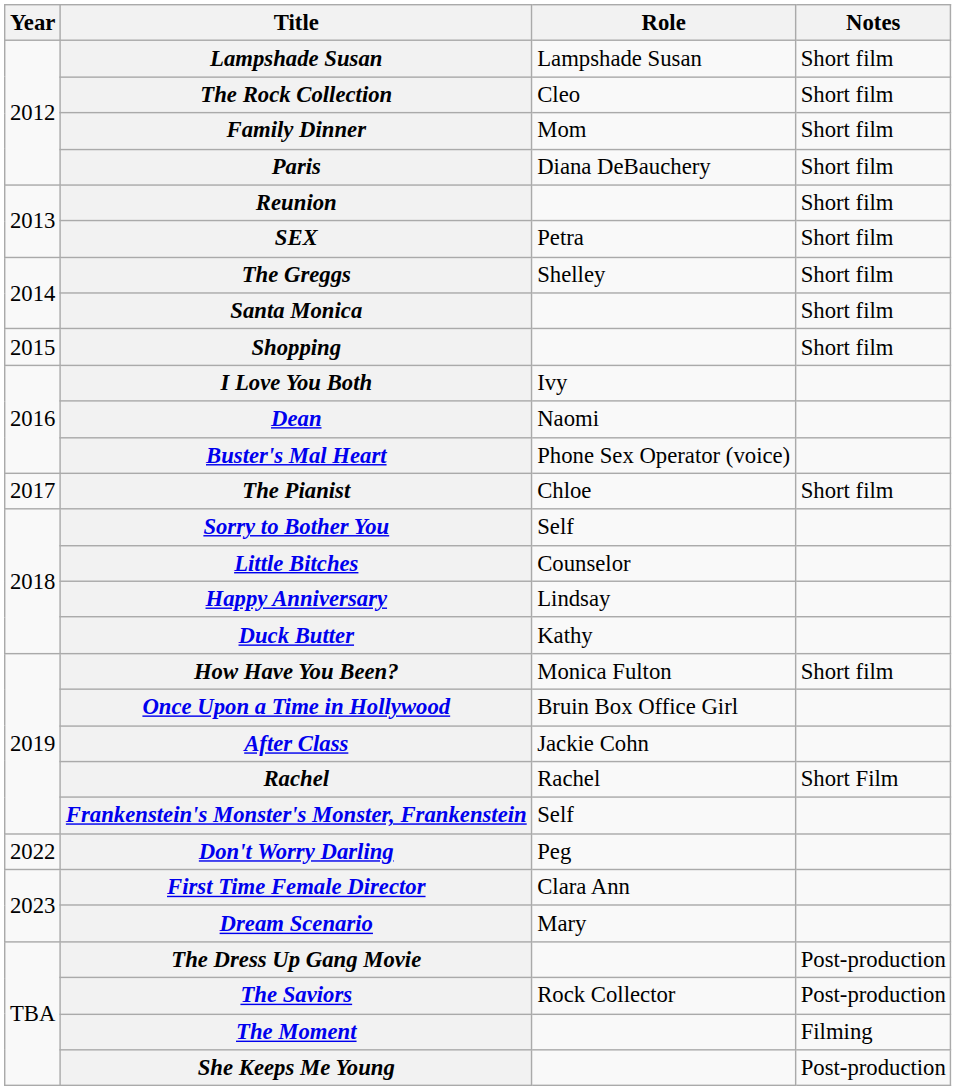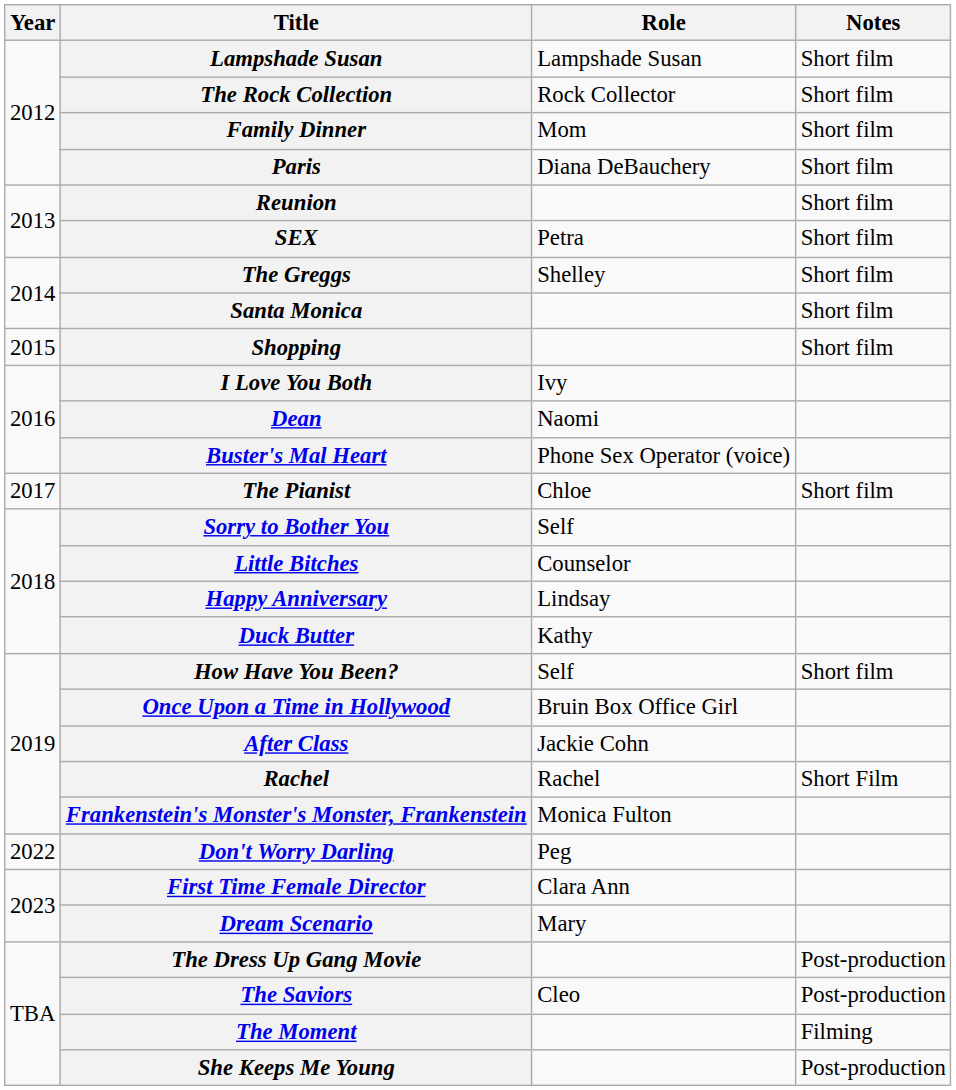 <table class="wikitable sortable plainrowheaders">
 <tr>
 <th scope="col">Year</th>
 <th scope="col">Title</th>
 <th scope="col">Role</th>
 <th scope="col" class="unsortable">Notes</th>
 </tr>
 <tr>
 <td rowspan="4">2012</td>
 <th scope="row"><em>Lampshade Susan</em></th>
 <td>Lampshade Susan</td>
 <td>Short film</td>
 </tr>
 <tr>
 <th scope="row"><em>The Rock Collection</em></th>
-<td>Cleo</td>
+<td>Rock Collector</td>
 <td>Short film</td>
 </tr>
 <tr>
 <th scope="row"><em>Family Dinner</em></th>
 <td>Mom</td>
 <td>Short film</td>
 </tr>
 <tr>
 <th scope="row"><em>Paris</em></th>
 <td>Diana DeBauchery</td>
 <td>Short film</td>
 </tr>
 <tr>
 <td rowspan="2">2013</td>
 <th scope="row"><em>Reunion</em></th>
 <td></td>
 <td>Short film</td>
 </tr>
 <tr>
 <th scope="row"><em>SEX</em></th>
 <td>Petra</td>
 <td>Short film</td>
 </tr>
 <tr>
 <td rowspan="2">2014</td>
 <th scope="row"><em>The Greggs</em></th>
 <td>Shelley</td>
 <td>Short film</td>
 </tr>
 <tr>
 <th scope="row"><em>Santa Monica</em></th>
 <td></td>
 <td>Short film</td>
 </tr>
 <tr>
 <td>2015</td>
 <th scope="row"><em>Shopping</em></th>
 <td></td>
 <td>Short film</td>
 </tr>
 <tr>
 <td rowspan="3">2016</td>
 <th scope="row"><em>I Love You Both</em></th>
 <td>Ivy</td>
 <td></td>
 </tr>
 <tr>
 <th scope="row"><em><a href='#'>Dean</a></em></th>
 <td>Naomi</td>
 <td></td>
 </tr>
 <tr>
 <th scope="row"><em><a href='#'>Buster's Mal Heart</a></em></th>
 <td>Phone Sex Operator (voice)</td>
 <td></td>
 </tr>
 <tr>
 <td>2017</td>
 <th scope="row"><em>The Pianist</em></th>
 <td>Chloe</td>
 <td>Short film</td>
 </tr>
 <tr>
 <td rowspan="4">2018</td>
 <th scope="row"><em><a href='#'>Sorry to Bother You</a></em></th>
 <td>Self</td>
 <td></td>
 </tr>
 <tr>
 <th scope="row"><em><a href='#'>Little Bitches</a></em></th>
 <td>Counselor</td>
 <td></td>
 </tr>
 <tr>
 <th scope="row"><em><a href='#'>Happy Anniversary</a></em></th>
 <td>Lindsay</td>
 <td></td>
 </tr>
 <tr>
 <th scope="row"><em><a href='#'>Duck Butter</a></em></th>
 <td>Kathy</td>
 <td></td>
 </tr>
 <tr>
 <td rowspan="5">2019</td>
 <th scope="row"><em>How Have You Been?</em></th>
-<td>Monica Fulton</td>
+<td>Self</td>
 <td>Short film</td>
 </tr>
 <tr>
 <th scope="row"><em><a href='#'>Once Upon a Time in Hollywood</a></em></th>
 <td>Bruin Box Office Girl</td>
 <td></td>
 </tr>
 <tr>
 <th scope="row"><em><a href='#'>After Class</a></em></th>
 <td>Jackie Cohn</td>
 <td></td>
 </tr>
 <tr>
 <th scope="row"><em>Rachel</em></th>
 <td>Rachel</td>
 <td>Short Film</td>
 </tr>
 <tr>
 <th scope="row"><em><a href='#'>Frankenstein's Monster's Monster, Frankenstein</a></em></th>
-<td>Self</td>
+<td>Monica Fulton</td>
 <td></td>
 </tr>
 <tr>
 <td>2022</td>
 <th scope="row"><em><a href='#'>Don't Worry Darling</a></em></th>
 <td>Peg</td>
 <td></td>
 </tr>
 <tr>
 <td rowspan="2">2023</td>
 <th scope="row"><em><a href='#'>First Time Female Director</a></em></th>
 <td>Clara Ann</td>
 <td></td>
 </tr>
 <tr>
 <th scope="row"><em><a href='#'>Dream Scenario</a></em></th>
 <td>Mary</td>
 <td></td>
 </tr>
 <tr>
 <td rowspan="4">TBA</td>
 <th scope="row"><em>The Dress Up Gang Movie</em></th>
 <td></td>
 <td>Post-production</td>
 </tr>
 <tr>
 <th scope="row"><em><a href='#'>The Saviors</a></em></th>
-<td>Rock Collector</td>
+<td>Cleo</td>
 <td>Post-production</td>
 </tr>
 <tr>
 <th scope="row"><em><a href='#'>The Moment</a></em></th>
 <td></td>
 <td>Filming</td>
 </tr>
 <tr>
 <th scope="row"><em>She Keeps Me Young</em></th>
 <td></td>
 <td>Post-production</td>
 </tr>
 </table>
